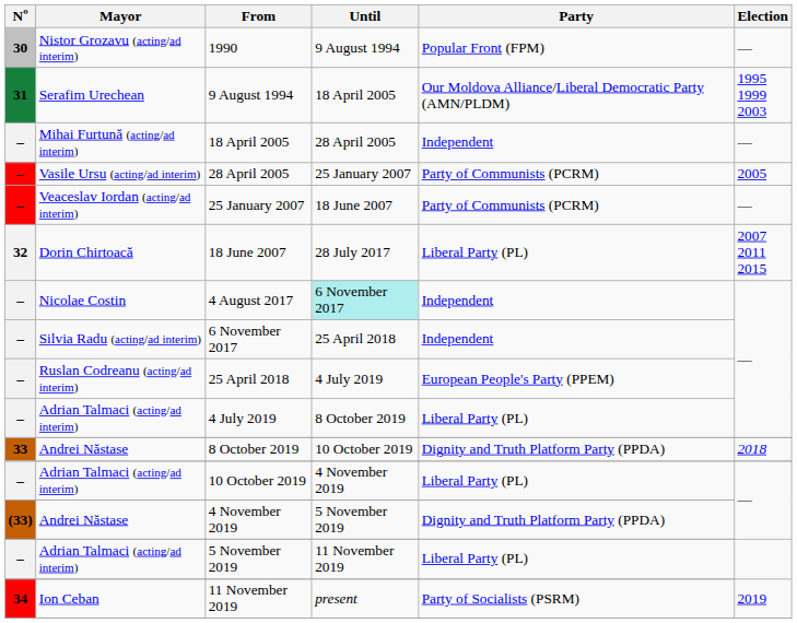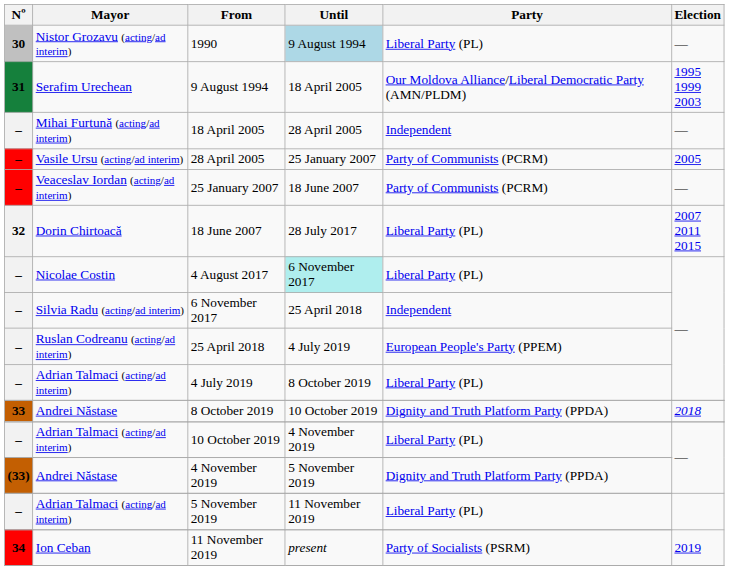 <table class="wikitable">
 <tr>
 <th>Nº</th>
 <th>Mayor</th>
 <th>From</th>
 <th>Until</th>
 <th>Party</th>
 <th>Election</th>
 </tr>
 <tr>
 <th style="background:silver">30</th>
 <td><a href='#'>Nistor Grozavu</a> <small>(<a href='#'>acting</a>/<a href='#'>ad interim</a>)</small></td>
 <td>1990</td>
-<td>9 August 1994</td>
-<td><a href='#'>Popular Front</a> (FPM)</td>
+<td style="background: lightblue;">9 August 1994</td>
+<td><a href='#'>Liberal Party</a> (PL)</td>
 <td>—</td>
 </tr>
 <tr>
 <th style="background:#15803C">31</th>
 <td><a href='#'>Serafim Urechean</a></td>
 <td>9 August 1994</td>
 <td>18 April 2005</td>
 <td><a href='#'>Our Moldova Alliance</a>/<a href='#'>Liberal Democratic Party</a> (AMN/PLDM)</td>
 <td><a href='#'>1995</a> <br> <a href='#'>1999</a> <br> <a href='#'>2003</a></td>
 </tr>
 <tr>
 <th style="background:">–</th>
 <td><a href='#'>Mihai Furtună</a> <small>(<a href='#'>acting</a>/<a href='#'>ad interim</a>)</small></td>
 <td>18 April 2005</td>
 <td>28 April 2005</td>
 <td><a href='#'>Independent</a></td>
 <td>—</td>
 </tr>
 <tr>
 <th style="background:#FF0000">–</th>
 <td><a href='#'>Vasile Ursu</a> <small>(<a href='#'>acting</a>/<a href='#'>ad interim</a>)</small></td>
 <td>28 April 2005</td>
 <td>25 January 2007</td>
 <td><a href='#'>Party of Communists</a> (PCRM)</td>
 <td><a href='#'>2005</a></td>
 </tr>
 <tr>
 <th style="background:#FF0000">–</th>
 <td><a href='#'>Veaceslav Iordan</a> <small>(<a href='#'>acting</a>/<a href='#'>ad interim</a>)</small></td>
 <td>25 January 2007</td>
 <td>18 June 2007</td>
 <td><a href='#'>Party of Communists</a> (PCRM)</td>
 <td>—</td>
 </tr>
 <tr>
 <th style="background:">32</th>
 <td><a href='#'>Dorin Chirtoacă</a></td>
 <td>18 June 2007</td>
 <td>28 July 2017</td>
 <td><a href='#'>Liberal Party</a> (PL)</td>
 <td><a href='#'>2007</a> <br><a href='#'>2011</a><br><a href='#'>2015</a></td>
 </tr>
 <tr>
 <th style="background:">–</th>
 <td><a href='#'>Nicolae Costin</a></td>
 <td>4 August 2017</td>
 <td style="background: paleturquoise;">6 November 2017</td>
-<td><a href='#'>Independent</a></td>
+<td><a href='#'>Liberal Party</a> (PL)</td>
 <td rowspan=4>—</td>
 </tr>
 <tr>
 <th style="background:">–</th>
 <td><a href='#'>Silvia Radu</a> <small>(<a href='#'>acting</a>/<a href='#'>ad interim</a>)</small></td>
 <td>6 November 2017</td>
 <td>25 April 2018</td>
 <td><a href='#'>Independent</a></td>
 </tr>
 <tr>
 <th style="background:">–</th>
 <td><a href='#'>Ruslan Codreanu</a> <small>(<a href='#'>acting</a>/<a href='#'>ad interim</a>)</small></td>
 <td>25 April 2018</td>
 <td>4 July 2019</td>
 <td><a href='#'>European People's Party</a> (PPEM)</td>
 </tr>
 <tr>
 <th style="background:">–</th>
 <td><a href='#'>Adrian Talmaci</a> <small>(<a href='#'>acting</a>/<a href='#'>ad interim</a>)</small></td>
 <td>4 July 2019</td>
 <td>8 October 2019</td>
 <td><a href='#'>Liberal Party</a> (PL)</td>
 </tr>
 <tr>
 </tr>
 <tr>
 <th style="background:#C35F02">33</th>
 <td><a href='#'>Andrei Năstase</a></td>
 <td>8 October 2019</td>
 <td>10 October 2019</td>
 <td><a href='#'>Dignity and Truth Platform Party</a> (PPDA)</td>
 <td><em><a href='#'>2018</a></em></td>
 </tr>
 <tr>
 </tr>
 <tr>
 <th style="background:">–</th>
 <td><a href='#'>Adrian Talmaci</a> <small>(<a href='#'>acting</a>/<a href='#'>ad interim</a>)</small></td>
 <td>10 October 2019</td>
 <td>4 November 2019</td>
 <td><a href='#'>Liberal Party</a> (PL)</td>
 <td rowspan=3>—</td>
 </tr>
 <tr>
 </tr>
 <tr>
 <th style="background:#C35F02">(33)</th>
 <td><a href='#'>Andrei Năstase</a></td>
 <td>4 November 2019</td>
 <td>5 November 2019</td>
 <td><a href='#'>Dignity and Truth Platform Party</a> (PPDA)</td>
 </tr>
 <tr>
 </tr>
 <tr>
 <th style="background:">–</th>
 <td><a href='#'>Adrian Talmaci</a> <small>(<a href='#'>acting</a>/<a href='#'>ad interim</a>)</small></td>
 <td>5 November 2019</td>
 <td>11 November 2019</td>
 <td><a href='#'>Liberal Party</a> (PL)</td>
 </tr>
 <tr>
 </tr>
 <tr>
 <th style="background:#FF0000">34</th>
 <td><a href='#'>Ion Ceban</a></td>
 <td>11 November 2019</td>
 <td><em>present</em></td>
 <td><a href='#'>Party of Socialists</a> (PSRM)</td>
 <td><a href='#'>2019</a></td>
 </tr>
 <tr>
 </tr>
 </table>
